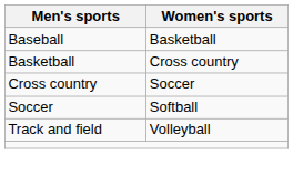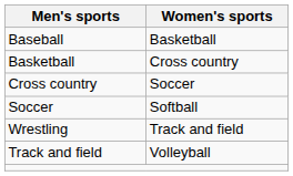 <table class="wikitable" style=" ">
 <tr>
 <th width=150px>Men's sports</th>
 <th width=150px>Women's sports</th>
 </tr>
 <tr>
 <td>Baseball</td>
 <td>Basketball</td>
 </tr>
 <tr>
 <td>Basketball</td>
 <td>Cross country</td>
 </tr>
 <tr>
 <td>Cross country</td>
 <td>Soccer</td>
 </tr>
 <tr>
 <td>Soccer</td>
 <td>Softball</td>
 </tr>
 <tr>
+<td>Wrestling</td>
+<td>Track and field</td>
+</tr>
+<tr>
 <td>Track and field</td>
 <td>Volleyball</td>
 </tr>
 <tr>
 <td colspan="2"></td>
 </tr>
 </table>
